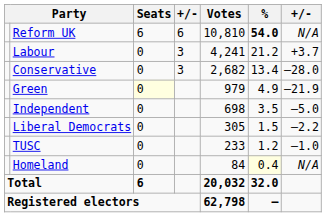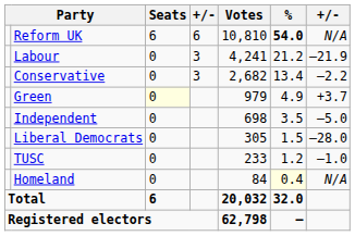 <table class="wikitable sortable">
 <tr>
 <th colspan="2">Party</th>
 <th>Seats</th>
 <th>+/-</th>
 <th>Votes</th>
 <th>%</th>
 <th>+/-</th>
 </tr>
 <tr>
 <td style="background-color: "></td>
 <td><a href='#'>Reform UK</a></td>
 <td>6</td>
 <td> 6</td>
 <td style="text-align:right;">10,810</td>
 <td style="text-align:right;"><strong>54.0</strong></td>
 <td style="text-align:right;"><em>N/A</em></td>
 </tr>
 <tr>
 <td style="background-color: "></td>
 <td><a href='#'>Labour</a></td>
 <td>0</td>
 <td> 3</td>
 <td style="text-align:right;">4,241</td>
 <td style="text-align:right;">21.2</td>
-<td style="text-align:right;">+3.7</td>
+<td style="text-align:right;">–21.9</td>
 </tr>
 <tr>
 <td style="background-color: "></td>
 <td><a href='#'>Conservative</a></td>
 <td>0</td>
 <td> 3</td>
 <td style="text-align:right;">2,682</td>
 <td style="text-align:right;">13.4</td>
-<td style="text-align:right;">–28.0</td>
+<td style="text-align:right;">–2.2</td>
 </tr>
 <tr>
 <td style="background-color: "></td>
 <td><a href='#'>Green</a></td>
 <td style="background: lightyellow;">0</td>
 <td></td>
 <td style="text-align:right;">979</td>
 <td style="text-align:right;">4.9</td>
-<td style="text-align:right;">–21.9</td>
+<td style="text-align:right;">+3.7</td>
 </tr>
 <tr>
 <td style="background-color: "></td>
 <td><a href='#'>Independent</a></td>
 <td>0</td>
 <td></td>
 <td style="text-align:right;">698</td>
 <td style="text-align:right;">3.5</td>
 <td style="text-align:right;">–5.0</td>
 </tr>
 <tr>
 <td style="background-color: "></td>
 <td><a href='#'>Liberal Democrats</a></td>
 <td>0</td>
 <td></td>
 <td style="text-align:right;">305</td>
 <td style="text-align:right;">1.5</td>
-<td style="text-align:right;">–2.2</td>
+<td style="text-align:right;">–28.0</td>
 </tr>
 <tr>
 <td style="background-color: "></td>
 <td><a href='#'>TUSC</a></td>
 <td>0</td>
 <td></td>
 <td style="text-align:right;">233</td>
 <td style="text-align:right;">1.2</td>
 <td style="text-align:right;">–1.0</td>
 </tr>
 <tr>
 <td style="background-color: "></td>
 <td><a href='#'>Homeland</a></td>
 <td>0</td>
 <td></td>
 <td style="text-align:right;">84</td>
 <td style="background: lightyellow; text-align:right;">0.4</td>
 <td style="text-align:right;"><em>N/A</em></td>
 </tr>
 <tr>
 <td colspan="2"><strong>Total</strong></td>
 <td><strong>6</strong></td>
 <td></td>
 <td style="text-align:right;"><strong>20,032</strong></td>
 <td style="text-align:right;"><strong>32.0</strong></td>
 <td style="text-align:right;"></td>
 </tr>
 <tr>
 <td colspan="4"><strong>Registered electors</strong></td>
 <td style="text-align:right;"><strong>62,798</strong></td>
 <td style="text-align:right;"><strong>–</strong></td>
 <td style="text-align:right;"></td>
 </tr>
 </table>
